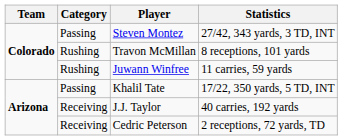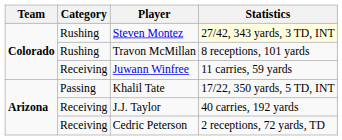 <table class="wikitable" style="float: right;">
 <tr>
 <th>Team</th>
 <th>Category</th>
 <th>Player</th>
 <th>Statistics</th>
 </tr>
 <tr>
 <td rowspan=3><strong>Colorado</strong></td>
-<td>Passing</td>
+<td>Rushing</td>
 <td><a href='#'>Steven Montez</a></td>
-<td>27/42, 343 yards, 3 TD, INT</td>
+<td style="background: lightyellow;">27/42, 343 yards, 3 TD, INT</td>
 </tr>
 <tr>
 <td>Rushing</td>
 <td>Travon McMillan</td>
 <td>8 receptions, 101 yards</td>
 </tr>
 <tr>
-<td>Rushing</td>
+<td>Receiving</td>
 <td><a href='#'>Juwann Winfree</a></td>
 <td>11 carries, 59 yards</td>
 </tr>
 <tr>
 <td rowspan=3><strong>Arizona</strong></td>
 <td>Passing</td>
 <td>Khalil Tate</td>
 <td>17/22, 350 yards, 5 TD, INT</td>
 </tr>
 <tr>
 <td>Receiving</td>
 <td>J.J. Taylor</td>
 <td>40 carries, 192 yards</td>
 </tr>
 <tr>
 <td>Receiving</td>
 <td>Cedric Peterson</td>
 <td>2 receptions, 72 yards, TD</td>
 </tr>
 </table>
